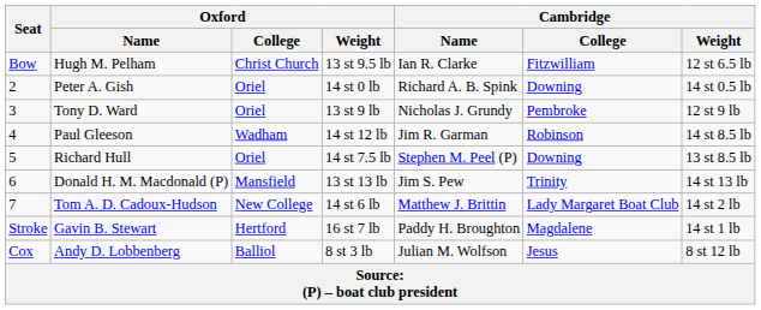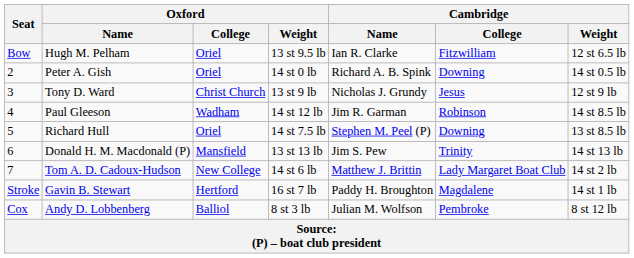 <table class="wikitable">
 <tr>
 <th rowspan="2" scope="col">Seat</th>
 <th colspan="3" scope="col">Oxford <br> </th>
 <th colspan="3" scope="col">Cambridge <br> </th>
 </tr>
 <tr>
 <th>Name</th>
 <th>College</th>
 <th>Weight</th>
 <th>Name</th>
 <th>College</th>
 <th>Weight</th>
 </tr>
 <tr>
 <td><a href='#'>Bow</a></td>
 <td>Hugh M. Pelham</td>
-<td><a href='#'>Christ Church</a></td>
+<td><a href='#'>Oriel</a></td>
 <td>13 st 9.5 lb</td>
 <td>Ian R. Clarke</td>
 <td><a href='#'>Fitzwilliam</a></td>
 <td>12 st 6.5 lb</td>
 </tr>
 <tr>
 <td>2</td>
 <td>Peter A. Gish</td>
 <td><a href='#'>Oriel</a></td>
 <td>14 st 0 lb</td>
 <td>Richard A. B. Spink</td>
 <td><a href='#'>Downing</a></td>
 <td>14 st 0.5 lb</td>
 </tr>
 <tr>
 <td>3</td>
 <td>Tony D. Ward</td>
-<td><a href='#'>Oriel</a></td>
+<td><a href='#'>Christ Church</a></td>
 <td>13 st 9 lb</td>
 <td>Nicholas J. Grundy</td>
-<td><a href='#'>Pembroke</a></td>
+<td><a href='#'>Jesus</a></td>
 <td>12 st 9 lb</td>
 </tr>
 <tr>
 <td>4</td>
 <td>Paul Gleeson</td>
 <td><a href='#'>Wadham</a></td>
 <td>14 st 12 lb</td>
 <td>Jim R. Garman</td>
 <td><a href='#'>Robinson</a></td>
 <td>14 st 8.5 lb</td>
 </tr>
 <tr>
 <td>5</td>
 <td>Richard Hull</td>
 <td><a href='#'>Oriel</a></td>
 <td>14 st 7.5 lb</td>
 <td><a href='#'>Stephen M. Peel</a> (P)</td>
 <td><a href='#'>Downing</a></td>
 <td>13 st 8.5 lb</td>
 </tr>
 <tr>
 <td>6</td>
 <td>Donald H. M. Macdonald (P)</td>
 <td><a href='#'>Mansfield</a></td>
 <td>13 st 13 lb</td>
 <td>Jim S. Pew</td>
 <td><a href='#'>Trinity</a></td>
 <td>14 st 13 lb</td>
 </tr>
 <tr>
 <td>7</td>
 <td><a href='#'>Tom A. D. Cadoux-Hudson</a></td>
 <td><a href='#'>New College</a></td>
 <td>14 st 6 lb</td>
 <td><a href='#'>Matthew J. Brittin</a></td>
 <td><a href='#'>Lady Margaret Boat Club</a></td>
 <td>14 st 2 lb</td>
 </tr>
 <tr>
 <td><a href='#'>Stroke</a></td>
 <td><a href='#'>Gavin B. Stewart</a></td>
 <td><a href='#'>Hertford</a></td>
 <td>16 st 7 lb</td>
 <td>Paddy H. Broughton</td>
 <td><a href='#'>Magdalene</a></td>
 <td>14 st 1 lb</td>
 </tr>
 <tr>
 <td><a href='#'>Cox</a></td>
 <td><a href='#'>Andy D. Lobbenberg</a></td>
 <td><a href='#'>Balliol</a></td>
 <td>8 st 3 lb</td>
 <td>Julian M. Wolfson</td>
-<td><a href='#'>Jesus</a></td>
+<td><a href='#'>Pembroke</a></td>
 <td>8 st 12 lb</td>
 </tr>
 <tr>
 <th colspan="7">Source:<br>(P) – boat club president</th>
 </tr>
 </table>
